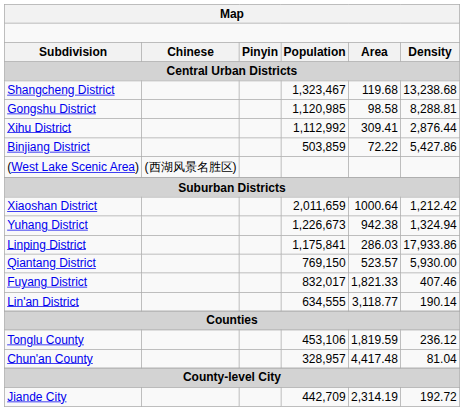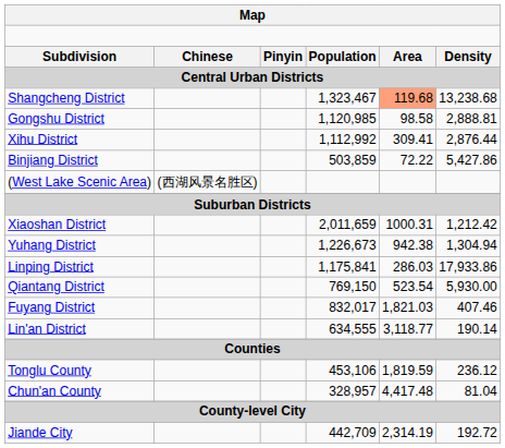 <table class="wikitable" style="font-size:100%;">
 <tr>
 <th colspan="6">Map</th>
 </tr>
 <tr>
 <td colspan="6"><div><br>                 </div></td>
 </tr>
 <tr>
 <th align="left">Subdivision</th>
 <th align="left">Chinese</th>
 <th align="left">Pinyin</th>
 <th align="left">Population </th>
 <th align="left">Area </th>
 <th align="left">Density</th>
 </tr>
 <tr style="background:#d3d3d3;">
 <td colspan="7" style="text-align:center; "><strong>Central Urban Districts</strong></td>
 </tr>
 <tr>
 <td align="left"><a href='#'>Shangcheng District</a></td>
 <td align="left"></td>
 <td align="right"></td>
 <td align="right">1,323,467</td>
-<td align="right">119.68</td>
+<td align="right" style="background: lightsalmon;">119.68</td>
 <td align="right">13,238.68</td>
 </tr>
 <tr>
 <td align="left"><a href='#'>Gongshu District</a></td>
 <td align="left"></td>
 <td align="right"></td>
 <td align="right">1,120,985</td>
 <td align="right">98.58</td>
-<td align="right">8,288.81</td>
+<td align="right">2,888.81</td>
 </tr>
 <tr>
 <td align="left"><a href='#'>Xihu District</a></td>
 <td align="left"></td>
 <td align="right"></td>
 <td align="right">1,112,992</td>
 <td align="right">309.41</td>
 <td align="right">2,876.44</td>
 </tr>
 <tr>
 <td align="left"><a href='#'>Binjiang District</a></td>
 <td align="left"></td>
 <td align="right"></td>
 <td align="right">503,859</td>
 <td align="right">72.22</td>
 <td align="right">5,427.86</td>
 </tr>
 <tr>
 <td>(<a href='#'>West Lake Scenic Area</a>)</td>
 <td>(西湖风景名胜区)</td>
 <td></td>
 <td></td>
 <td></td>
 <td></td>
 </tr>
 <tr>
 </tr>
 <tr style="background:#d3d3d3;">
 <td colspan="7" style="text-align:center; "><strong>Suburban Districts</strong></td>
 </tr>
 <tr>
 <td align="left"><a href='#'>Xiaoshan District</a></td>
 <td align="left"></td>
 <td align="right"></td>
 <td align="right">2,011,659</td>
-<td align="right">1000.64</td>
+<td align="right">1000.31</td>
 <td align="right">1,212.42</td>
 </tr>
 <tr>
 <td align="left"><a href='#'>Yuhang District</a></td>
 <td align="left"></td>
 <td align="right"></td>
 <td align="right">1,226,673</td>
 <td align="right">942.38</td>
-<td align="right">1,324.94</td>
+<td align="right">1,304.94</td>
 </tr>
 <tr>
 <td align="left"><a href='#'>Linping District</a></td>
 <td align="left"></td>
 <td align="right"></td>
 <td align="right">1,175,841</td>
 <td align="right">286.03</td>
 <td align="right">17,933.86</td>
 </tr>
 <tr>
 <td align="left"><a href='#'>Qiantang District</a></td>
 <td align="left"></td>
 <td align="right"></td>
 <td align="right">769,150</td>
-<td align="right">523.57</td>
+<td align="right">523.54</td>
 <td align="right">5,930.00</td>
 </tr>
 <tr>
 <td align="left"><a href='#'>Fuyang District</a></td>
 <td align="left"></td>
 <td align="right"></td>
 <td align="right">832,017</td>
-<td align="right">1,821.33</td>
+<td align="right">1,821.03</td>
 <td align="right">407.46</td>
 </tr>
 <tr>
 <td align="left"><a href='#'>Lin'an District</a></td>
 <td align="left"></td>
 <td align="right"></td>
 <td align="right">634,555</td>
 <td align="right">3,118.77</td>
 <td align="right">190.14</td>
 </tr>
 <tr>
 </tr>
 <tr style="background:#d3d3d3;">
 <td colspan="7" style="text-align:center; "><strong>Counties</strong></td>
 </tr>
 <tr>
 <td align="left"><a href='#'>Tonglu County</a></td>
 <td align="left"></td>
 <td align="right"></td>
 <td align="right">453,106</td>
 <td align="right">1,819.59</td>
 <td align="right">236.12</td>
 </tr>
 <tr>
 <td align="left"><a href='#'>Chun'an County</a></td>
 <td align="left"></td>
 <td align="right"></td>
 <td align="right">328,957</td>
 <td align="right">4,417.48</td>
 <td align="right">81.04</td>
 </tr>
 <tr>
 </tr>
 <tr style="background:#d3d3d3;">
 <td colspan="7" style="text-align:center; "><strong>County-level City</strong></td>
 </tr>
 <tr>
 <td align="left"><a href='#'>Jiande City</a></td>
 <td align="left"></td>
 <td align="right"></td>
 <td align="right">442,709</td>
 <td align="right">2,314.19</td>
 <td align="right">192.72</td>
 </tr>
 </table>
